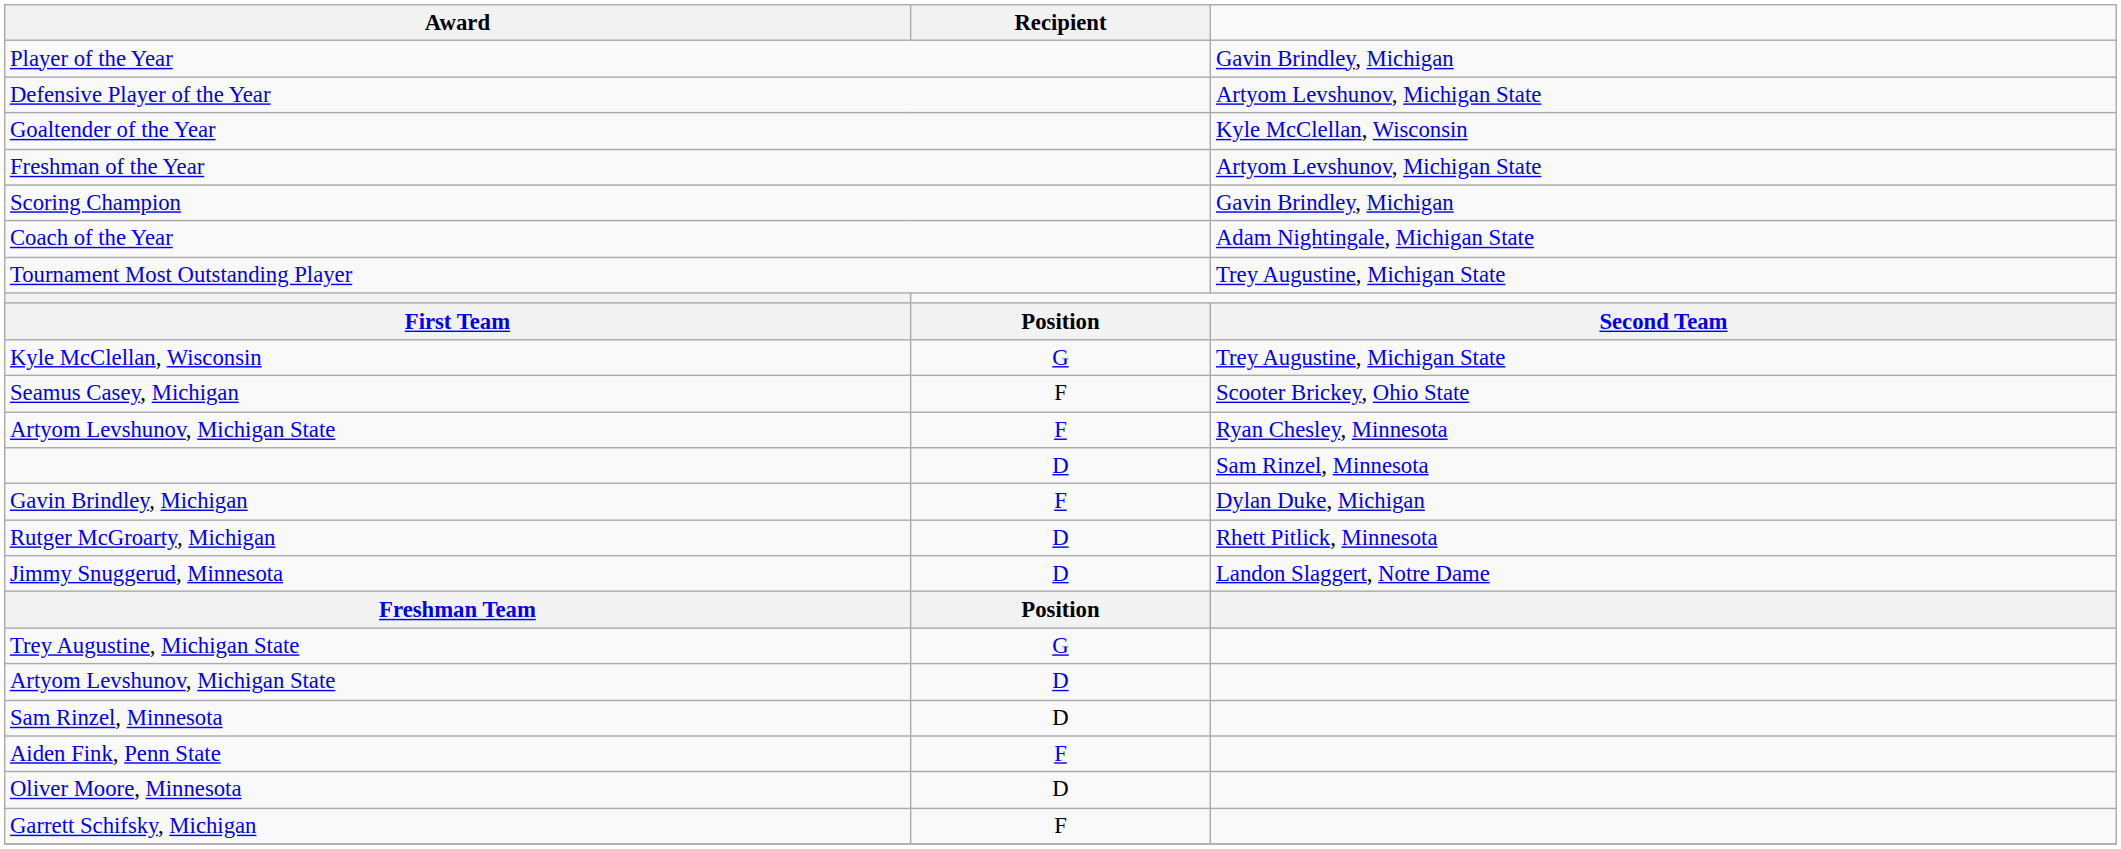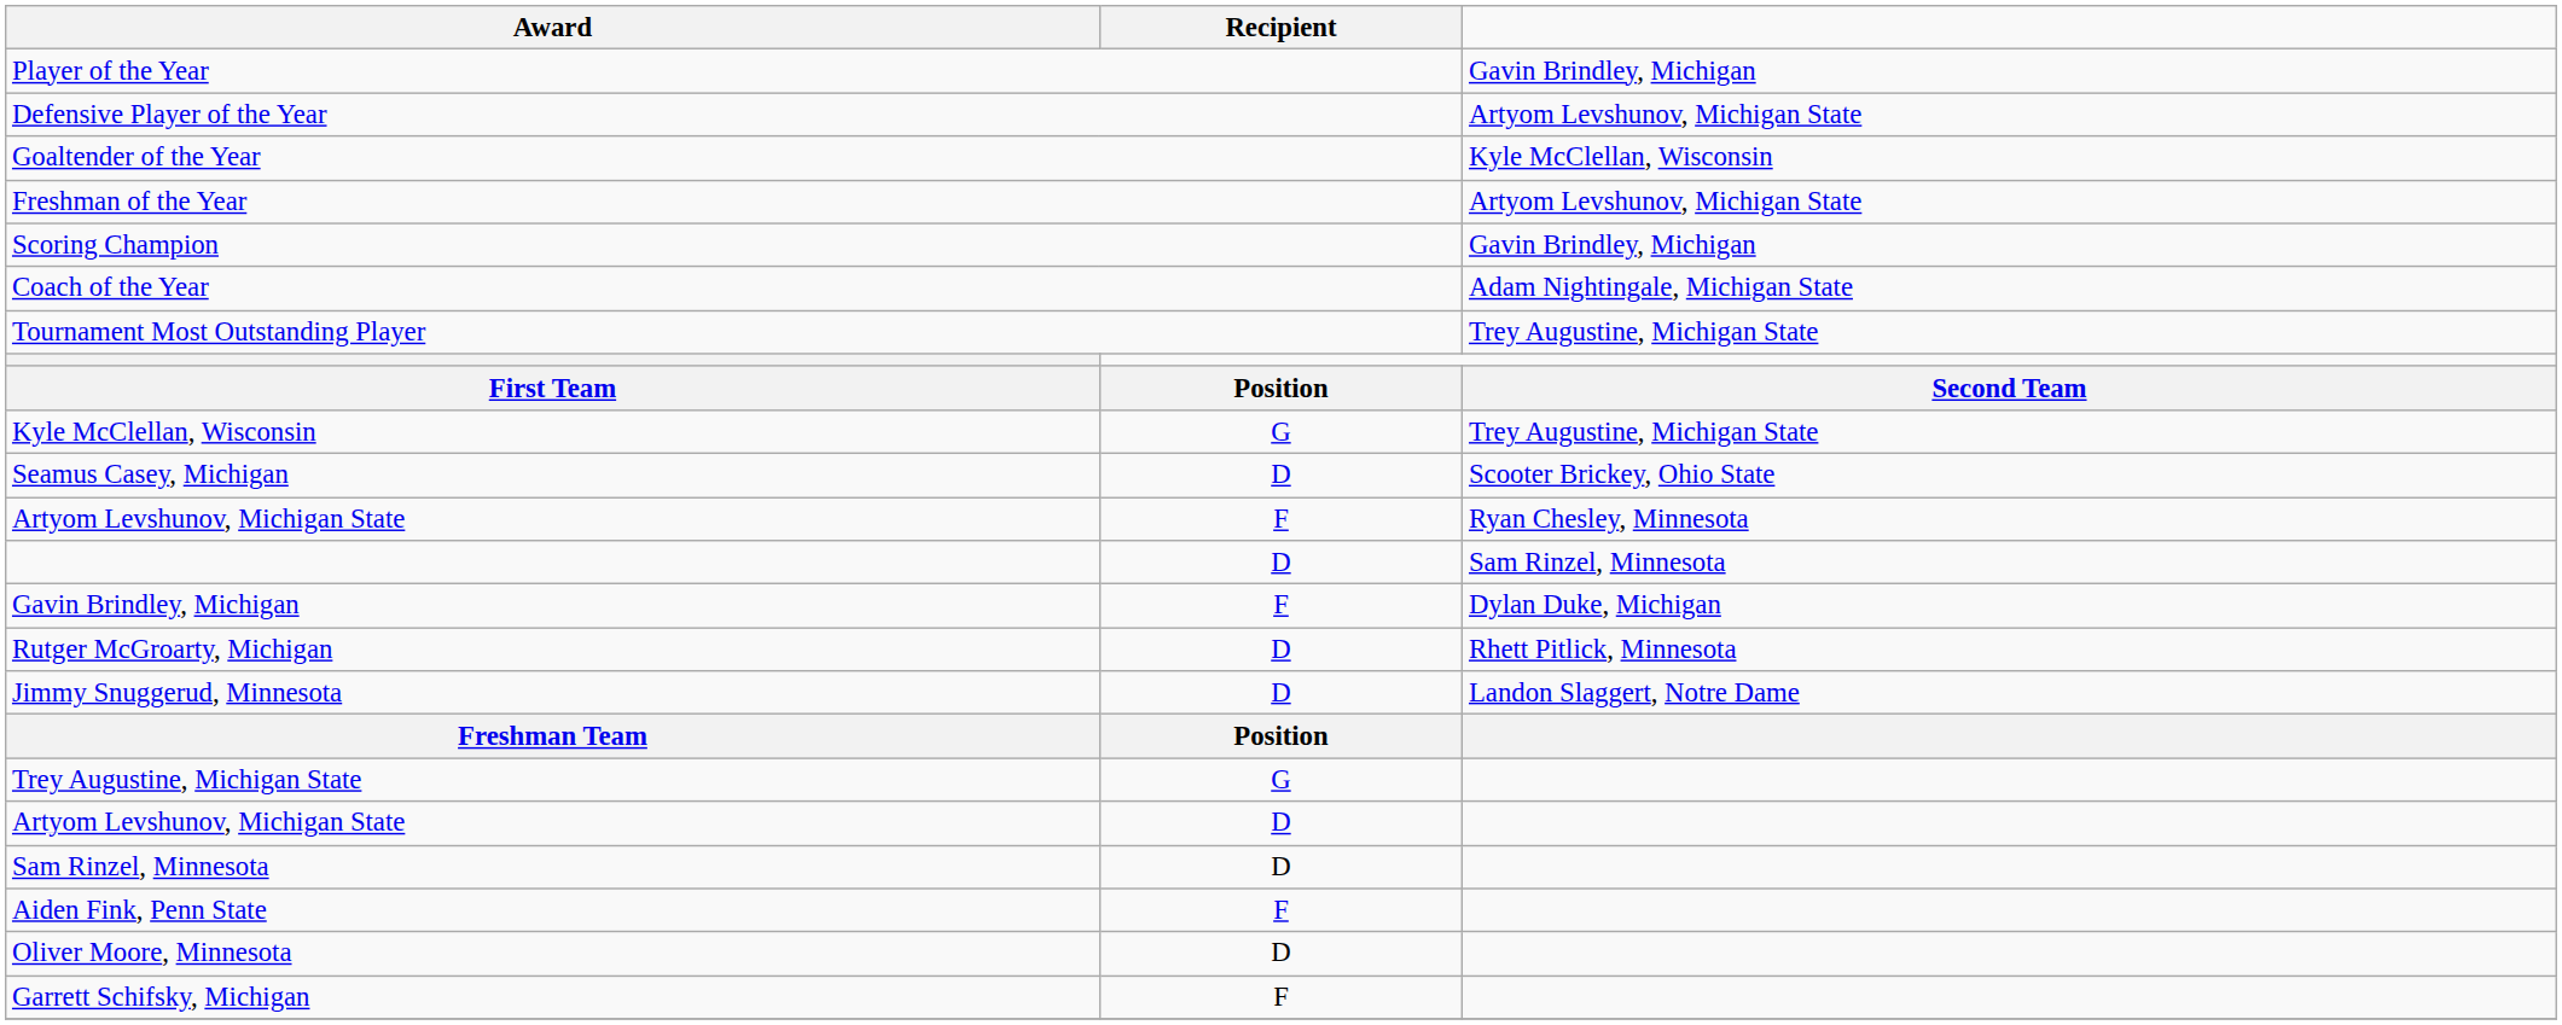 <table class="wikitable" width=75%>
 <tr>
 <th>Award</th>
 <th>Recipient </th>
 </tr>
 <tr>
 <td colspan=2><a href='#'>Player of the Year</a></td>
 <td><a href='#'>Gavin Brindley</a>, <a href='#'>Michigan</a></td>
 </tr>
 <tr>
 <td colspan=2><a href='#'>Defensive Player of the Year</a></td>
 <td><a href='#'>Artyom Levshunov</a>, <a href='#'>Michigan State</a></td>
 </tr>
 <tr>
 <td colspan=2><a href='#'>Goaltender of the Year</a></td>
 <td><a href='#'>Kyle McClellan</a>, <a href='#'>Wisconsin</a></td>
 </tr>
 <tr>
 <td colspan=2><a href='#'>Freshman of the Year</a></td>
 <td><a href='#'>Artyom Levshunov</a>, <a href='#'>Michigan State</a></td>
 </tr>
 <tr>
 <td colspan=2><a href='#'>Scoring Champion</a></td>
 <td><a href='#'>Gavin Brindley</a>, <a href='#'>Michigan</a></td>
 </tr>
 <tr>
 <td colspan=2><a href='#'>Coach of the Year</a></td>
 <td><a href='#'>Adam Nightingale</a>, <a href='#'>Michigan State</a></td>
 </tr>
 <tr>
 <td colspan=2><a href='#'>Tournament Most Outstanding Player</a></td>
 <td><a href='#'>Trey Augustine</a>, <a href='#'>Michigan State</a></td>
 </tr>
 <tr>
 <th><a href='#'></a></th>
 </tr>
 <tr>
 <th><a href='#'>First Team</a></th>
 <th>  Position  </th>
 <th><a href='#'>Second Team</a></th>
 </tr>
 <tr>
 <td><a href='#'>Kyle McClellan</a>, <a href='#'>Wisconsin</a></td>
 <td align=center><a href='#'>G</a></td>
 <td><a href='#'>Trey Augustine</a>, <a href='#'>Michigan State</a></td>
 </tr>
 <tr>
 <td><a href='#'>Seamus Casey</a>, <a href='#'>Michigan</a></td>
-<td align=center>F</td>
+<td align=center><a href='#'>D</a></td>
 <td><a href='#'>Scooter Brickey</a>, <a href='#'>Ohio State</a></td>
 </tr>
 <tr>
 <td><a href='#'>Artyom Levshunov</a>, <a href='#'>Michigan State</a></td>
 <td align=center><a href='#'>F</a></td>
 <td><a href='#'>Ryan Chesley</a>, <a href='#'>Minnesota</a></td>
 </tr>
 <tr>
 <td></td>
 <td align=center><a href='#'>D</a></td>
 <td><a href='#'>Sam Rinzel</a>, <a href='#'>Minnesota</a></td>
 </tr>
 <tr>
 <td><a href='#'>Gavin Brindley</a>, <a href='#'>Michigan</a></td>
 <td align=center><a href='#'>F</a></td>
 <td><a href='#'>Dylan Duke</a>, <a href='#'>Michigan</a></td>
 </tr>
 <tr>
 <td><a href='#'>Rutger McGroarty</a>, <a href='#'>Michigan</a></td>
 <td align=center><a href='#'>D</a></td>
 <td><a href='#'>Rhett Pitlick</a>, <a href='#'>Minnesota</a></td>
 </tr>
 <tr>
 <td><a href='#'>Jimmy Snuggerud</a>, <a href='#'>Minnesota</a></td>
 <td align=center><a href='#'>D</a></td>
 <td><a href='#'>Landon Slaggert</a>, <a href='#'>Notre Dame</a></td>
 </tr>
 <tr>
 <th><a href='#'>Freshman Team</a></th>
 <th>  Position  </th>
 <th></th>
 </tr>
 <tr>
 <td><a href='#'>Trey Augustine</a>, <a href='#'>Michigan State</a></td>
 <td align=center><a href='#'>G</a></td>
 <td></td>
 </tr>
 <tr>
 <td><a href='#'>Artyom Levshunov</a>, <a href='#'>Michigan State</a></td>
 <td align=center><a href='#'>D</a></td>
 <td></td>
 </tr>
 <tr>
 <td><a href='#'>Sam Rinzel</a>, <a href='#'>Minnesota</a></td>
 <td align=center>D</td>
 <td></td>
 </tr>
 <tr>
 <td><a href='#'>Aiden Fink</a>, <a href='#'>Penn State</a></td>
 <td align=center><a href='#'>F</a></td>
 <td></td>
 </tr>
 <tr>
 <td><a href='#'>Oliver Moore</a>, <a href='#'>Minnesota</a></td>
 <td align=center>D</td>
 <td></td>
 </tr>
 <tr>
 <td><a href='#'>Garrett Schifsky</a>, <a href='#'>Michigan</a></td>
 <td align=center>F</td>
 <td></td>
 </tr>
 <tr>
 </tr>
 </table>
